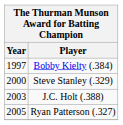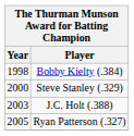 <table class="wikitable" style="display: inline-table; margin-right: 20px; text-align:center">
 <tr>
 <th scope="col" colspan="2" style="width: 145px;">The Thurman Munson Award for Batting Champion</th>
 </tr>
 <tr>
 <th scope="col">Year</th>
 <th scope="col">Player</th>
 </tr>
 <tr>
-<td>1997</td>
+<td>1998</td>
 <td><a href='#'>Bobby Kielty</a> (.384)</td>
 </tr>
 <tr>
 <td>2000</td>
 <td>Steve Stanley (.329)</td>
 </tr>
 <tr>
 <td>2003</td>
 <td>J.C. Holt (.388)</td>
 </tr>
 <tr>
 <td>2005</td>
 <td>Ryan Patterson (.327)</td>
 </tr>
 <tr>
 </tr>
 </table>
